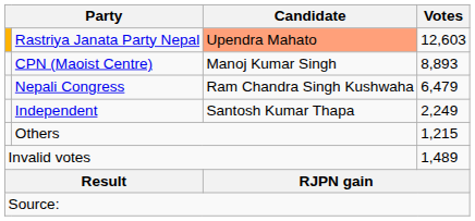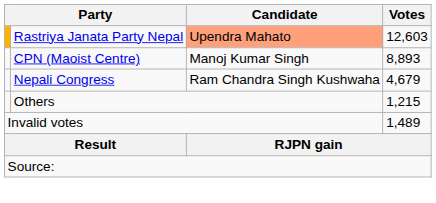 <table class="wikitable">
 <tr>
 <th colspan="2">Party</th>
 <th>Candidate</th>
 <th>Votes</th>
 </tr>
 <tr>
 <td style="background-color:#ffb300"></td>
 <td><a href='#'>Rastriya Janata Party Nepal</a></td>
 <td style="background: lightsalmon;">Upendra Mahato</td>
 <td>12,603</td>
 </tr>
 <tr>
 <td style="background-color:"></td>
 <td><a href='#'>CPN (Maoist Centre)</a></td>
 <td>Manoj Kumar Singh</td>
 <td>8,893</td>
 </tr>
 <tr>
 <td style="background-color:"></td>
 <td><a href='#'>Nepali Congress</a></td>
 <td>Ram Chandra Singh Kushwaha</td>
-<td>6,479</td>
-</tr>
-<tr>
-<td style="background-color:"></td>
-<td><a href='#'>Independent</a></td>
-<td>Santosh Kumar Thapa</td>
-<td>2,249</td>
+<td>4,679</td>
 </tr>
 <tr>
 <td></td>
 <td colspan="2">Others</td>
 <td>1,215</td>
 </tr>
 <tr>
 <td colspan="3">Invalid votes</td>
 <td>1,489</td>
 </tr>
 <tr>
 <th colspan="2">Result</th>
 <th colspan="2">RJPN gain</th>
 </tr>
 <tr>
 <td colspan="4">Source: </td>
 </tr>
 </table>
